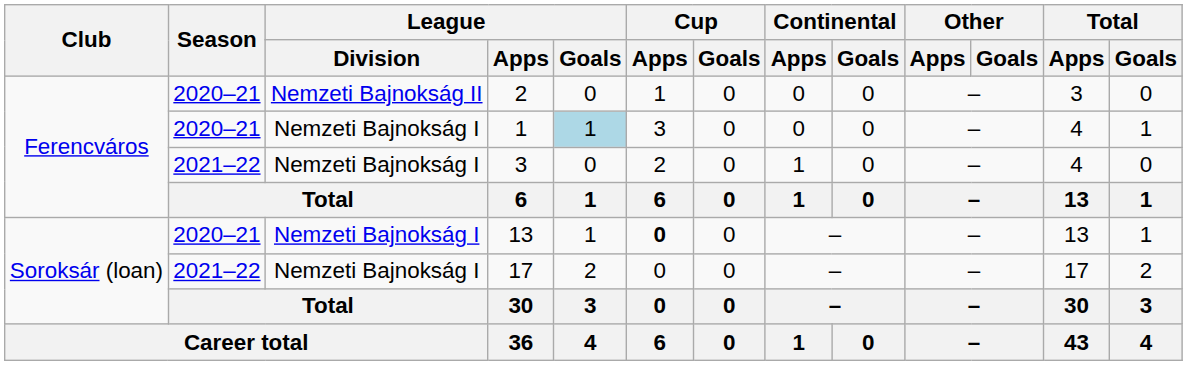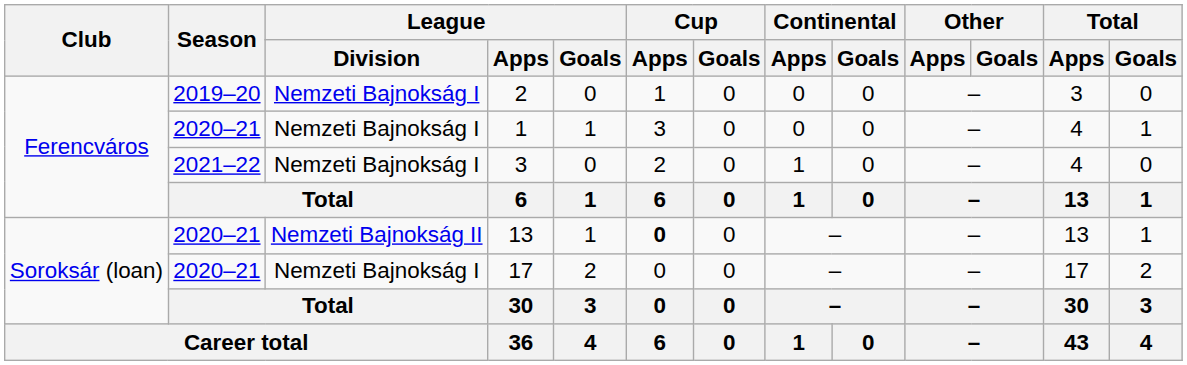 <table class="wikitable" style="text-align:center">
 <tr>
 <th rowspan="2">Club</th>
 <th rowspan="2">Season</th>
 <th colspan="3">League</th>
 <th colspan="2">Cup</th>
 <th colspan="2">Continental</th>
 <th colspan="2">Other</th>
 <th colspan="2">Total</th>
 </tr>
 <tr>
 <th>Division</th>
 <th>Apps</th>
 <th>Goals</th>
 <th>Apps</th>
 <th>Goals</th>
 <th>Apps</th>
 <th>Goals</th>
 <th>Apps</th>
 <th>Goals</th>
 <th>Apps</th>
 <th>Goals</th>
 </tr>
 <tr>
 <td rowspan="4"><a href='#'>Ferencváros</a></td>
-<td><a href='#'>2020–21</a></td>
-<td><a href='#'>Nemzeti Bajnokság II</a></td>
+<td><a href='#'>2019–20</a></td>
+<td><a href='#'>Nemzeti Bajnokság I</a></td>
 <td>2</td>
 <td>0</td>
 <td>1</td>
 <td>0</td>
 <td>0</td>
 <td>0</td>
 <td colspan="2">–</td>
 <td>3</td>
 <td>0</td>
 </tr>
 <tr>
 <td><a href='#'>2020–21</a></td>
 <td>Nemzeti Bajnokság I</td>
 <td>1</td>
-<td style="background: lightblue;">1</td>
+<td>1</td>
 <td>3</td>
 <td>0</td>
 <td>0</td>
 <td>0</td>
 <td colspan="2">–</td>
 <td>4</td>
 <td>1</td>
 </tr>
 <tr>
 <td><a href='#'>2021–22</a></td>
 <td>Nemzeti Bajnokság I</td>
 <td>3</td>
 <td>0</td>
 <td>2</td>
 <td>0</td>
 <td>1</td>
 <td>0</td>
 <td colspan="2">–</td>
 <td>4</td>
 <td>0</td>
 </tr>
 <tr>
 <th colspan="2">Total</th>
 <th>6</th>
 <th>1</th>
 <th>6</th>
 <th>0</th>
 <th>1</th>
 <th>0</th>
 <th colspan="2">–</th>
 <th>13</th>
 <th>1</th>
 </tr>
 <tr>
 <td rowspan="3"><a href='#'>Soroksár</a> (loan)</td>
 <td><a href='#'>2020–21</a></td>
-<td><a href='#'>Nemzeti Bajnokság I</a></td>
+<td><a href='#'>Nemzeti Bajnokság II</a></td>
 <td>13</td>
 <td>1</td>
 <td><strong>0</strong></td>
 <td>0</td>
 <td colspan="2">–</td>
 <td colspan="2">–</td>
 <td>13</td>
 <td>1</td>
 </tr>
 <tr>
-<td><a href='#'>2021–22</a></td>
+<td><a href='#'>2020–21</a></td>
 <td>Nemzeti Bajnokság I</td>
 <td>17</td>
 <td>2</td>
 <td>0</td>
 <td>0</td>
 <td colspan="2">–</td>
 <td colspan="2">–</td>
 <td>17</td>
 <td>2</td>
 </tr>
 <tr>
 <th colspan="2">Total</th>
 <th>30</th>
 <th>3</th>
 <th>0</th>
 <th>0</th>
 <th colspan="2">–</th>
 <th colspan="2">–</th>
 <th>30</th>
 <th>3</th>
 </tr>
 <tr>
 <th colspan="3">Career total</th>
 <th>36</th>
 <th>4</th>
 <th>6</th>
 <th>0</th>
 <th>1</th>
 <th>0</th>
 <th colspan="2">–</th>
 <th>43</th>
 <th>4</th>
 </tr>
 </table>
